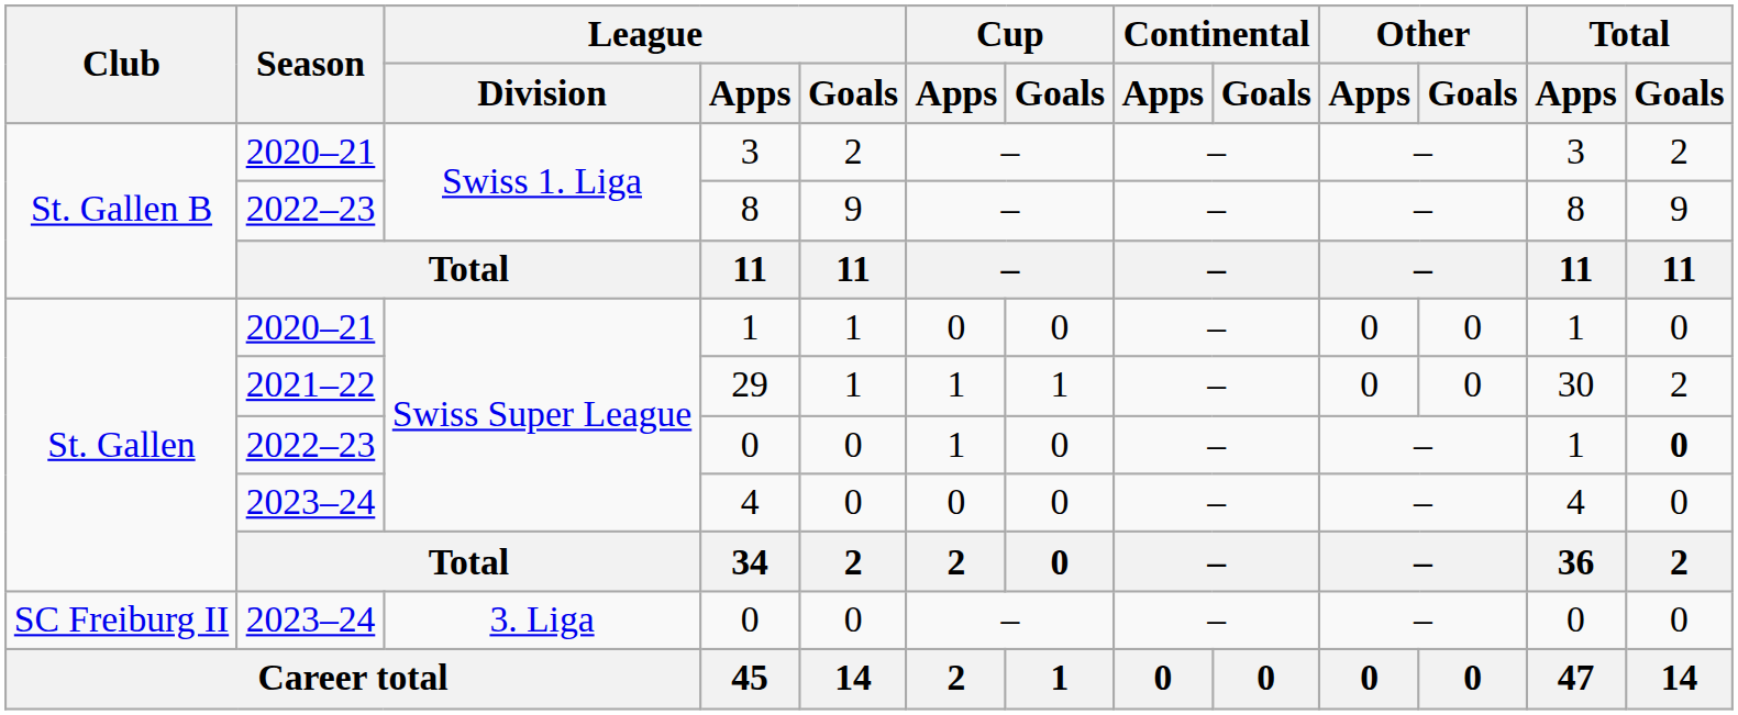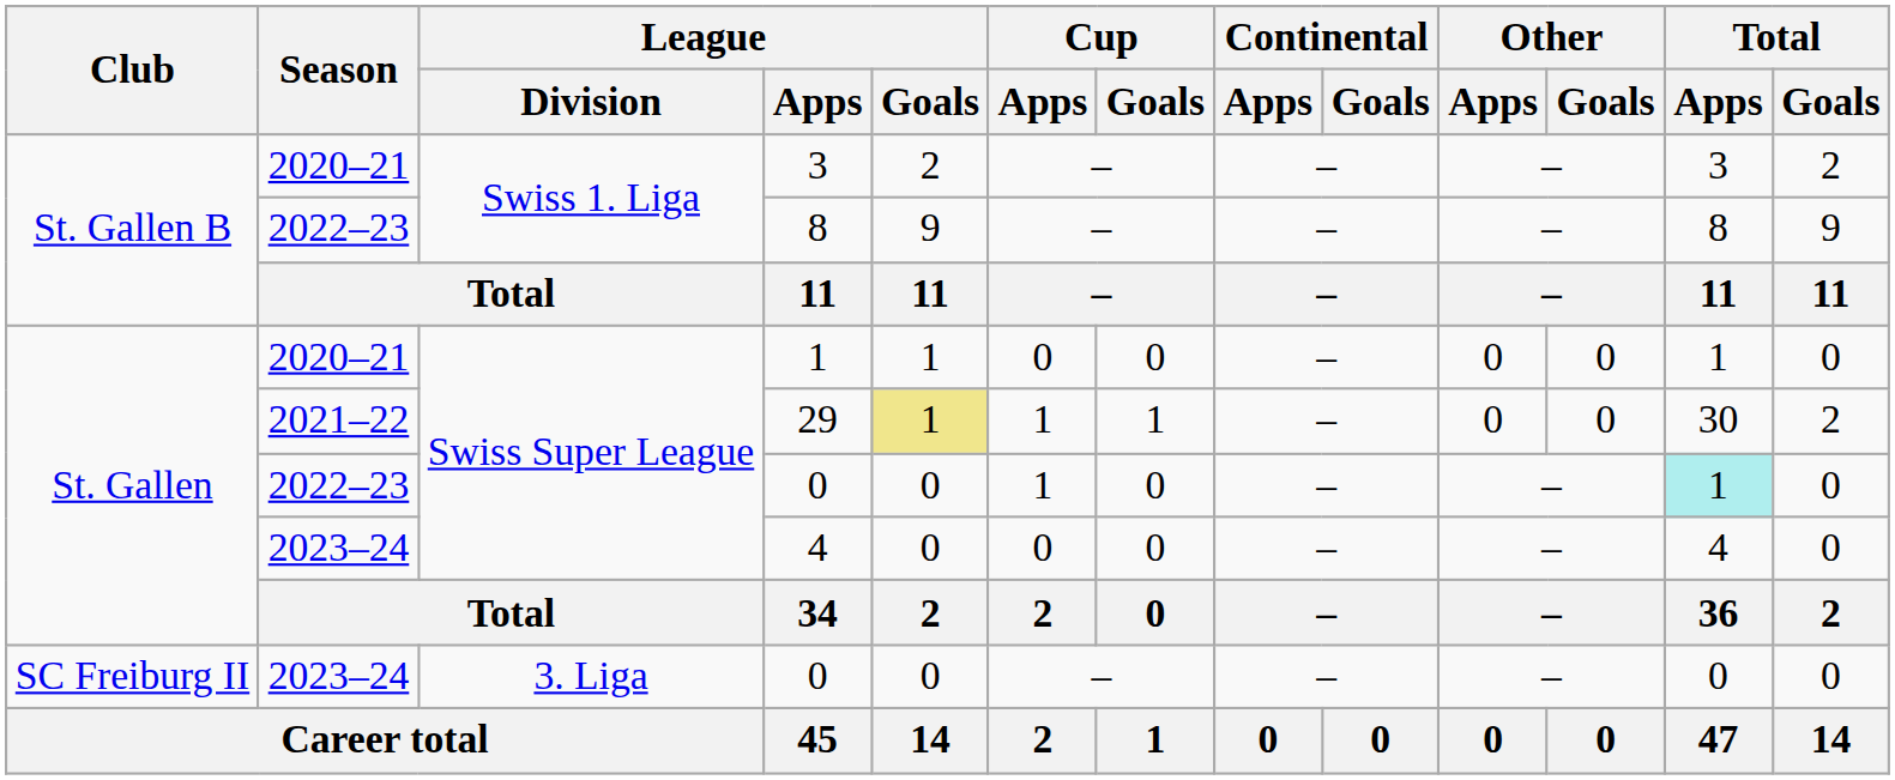 <table class="wikitable" style="text-align:center">
 <tr>
 <th rowspan="2">Club</th>
 <th rowspan="2">Season</th>
 <th colspan="3">League</th>
 <th colspan="2">Cup</th>
 <th colspan="2">Continental</th>
 <th colspan="2">Other</th>
 <th colspan="2">Total</th>
 </tr>
 <tr>
 <th>Division</th>
 <th>Apps</th>
 <th>Goals</th>
 <th>Apps</th>
 <th>Goals</th>
 <th>Apps</th>
 <th>Goals</th>
 <th>Apps</th>
 <th>Goals</th>
 <th>Apps</th>
 <th>Goals</th>
 </tr>
 <tr>
 <td rowspan="3"><a href='#'>St. Gallen B</a></td>
 <td><a href='#'>2020–21</a></td>
 <td rowspan="2"><a href='#'>Swiss 1. Liga</a></td>
 <td>3</td>
 <td>2</td>
 <td colspan="2">–</td>
 <td colspan="2">–</td>
 <td colspan="2">–</td>
 <td>3</td>
 <td>2</td>
 </tr>
 <tr>
 <td><a href='#'>2022–23</a></td>
 <td>8</td>
 <td>9</td>
 <td colspan="2">–</td>
 <td colspan="2">–</td>
 <td colspan="2">–</td>
 <td>8</td>
 <td>9</td>
 </tr>
 <tr>
 <th colspan="2">Total</th>
 <th>11</th>
 <th>11</th>
 <th colspan="2">–</th>
 <th colspan="2">–</th>
 <th colspan="2">–</th>
 <th>11</th>
 <th>11</th>
 </tr>
 <tr>
 <td rowspan="5"><a href='#'>St. Gallen</a></td>
 <td><a href='#'>2020–21</a></td>
 <td rowspan="4"><a href='#'>Swiss Super League</a></td>
 <td>1</td>
 <td>1</td>
 <td>0</td>
 <td>0</td>
 <td colspan="2">–</td>
 <td>0</td>
 <td>0</td>
 <td>1</td>
 <td>0</td>
 </tr>
 <tr>
 <td><a href='#'>2021–22</a></td>
 <td>29</td>
-<td>1</td>
+<td style="background: khaki;">1</td>
 <td>1</td>
 <td>1</td>
 <td colspan="2">–</td>
 <td>0</td>
 <td>0</td>
 <td>30</td>
 <td>2</td>
 </tr>
 <tr>
 <td><a href='#'>2022–23</a></td>
 <td>0</td>
 <td>0</td>
 <td>1</td>
 <td>0</td>
 <td colspan="2">–</td>
 <td colspan="2">–</td>
-<td>1</td>
-<td><strong>0</strong></td>
+<td style="background: paleturquoise;">1</td>
+<td>0</td>
 </tr>
 <tr>
 <td><a href='#'>2023–24</a></td>
 <td>4</td>
 <td>0</td>
 <td>0</td>
 <td>0</td>
 <td colspan="2">–</td>
 <td colspan="2">–</td>
 <td>4</td>
 <td>0</td>
 </tr>
 <tr>
 <th colspan="2">Total</th>
 <th>34</th>
 <th>2</th>
 <th>2</th>
 <th>0</th>
 <th colspan="2">–</th>
 <th colspan="2">–</th>
 <th>36</th>
 <th>2</th>
 </tr>
 <tr>
 <td><a href='#'>SC Freiburg II</a></td>
 <td><a href='#'>2023–24</a></td>
 <td><a href='#'>3. Liga</a></td>
 <td>0</td>
 <td>0</td>
 <td colspan="2">–</td>
 <td colspan="2">–</td>
 <td colspan="2">–</td>
 <td>0</td>
 <td>0</td>
 </tr>
 <tr>
 <th colspan="3">Career total</th>
 <th>45</th>
 <th>14</th>
 <th>2</th>
 <th>1</th>
 <th>0</th>
 <th>0</th>
 <th>0</th>
 <th>0</th>
 <th>47</th>
 <th>14</th>
 </tr>
 </table>
